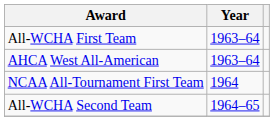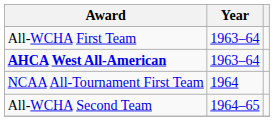 <table class="wikitable">
 <tr>
 <th>Award</th>
 <th>Year</th>
 <th></th>
 </tr>
 <tr>
 <td>All-<a href='#'>WCHA</a> <a href='#'>First Team</a></td>
 <td><a href='#'>1963–64</a></td>
 <td></td>
 </tr>
 <tr>
-<td><a href='#'>AHCA</a> <a href='#'>West All-American</a></td>
+<td><strong><a href='#'>AHCA</a> <a href='#'>West All-American</a></strong></td>
 <td><a href='#'>1963–64</a></td>
 <td></td>
 </tr>
 <tr>
 <td><a href='#'>NCAA</a> <a href='#'>All-Tournament First Team</a></td>
 <td><a href='#'>1964</a></td>
 <td></td>
 </tr>
 <tr>
 <td>All-<a href='#'>WCHA</a> <a href='#'>Second Team</a></td>
 <td><a href='#'>1964–65</a></td>
 <td></td>
 </tr>
 <tr>
 </tr>
 </table>
